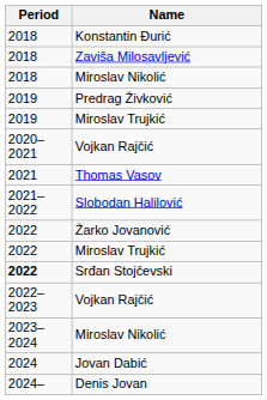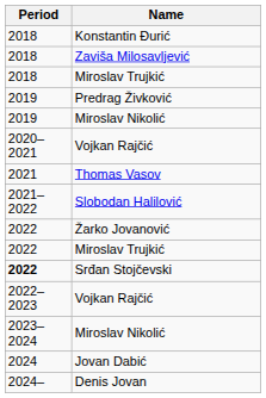 <table class="wikitable">
 <tr>
 <th width="75">Period</th>
 <th width="225">Name</th>
 </tr>
 <tr>
 <td>2018</td>
 <td> Konstantin Đurić</td>
 </tr>
 <tr>
 <td>2018</td>
 <td> <a href='#'>Zaviša Milosavljević</a></td>
 </tr>
 <tr>
 <td>2018</td>
-<td> Miroslav Nikolić</td>
+<td> Miroslav Trujkić</td>
 </tr>
 <tr>
 <td>2019</td>
 <td> Predrag Živković</td>
 </tr>
 <tr>
 <td>2019</td>
-<td> Miroslav Trujkić</td>
+<td> Miroslav Nikolić</td>
 </tr>
 <tr>
 <td>2020–2021</td>
 <td> Vojkan Rajčić</td>
 </tr>
 <tr>
 <td>2021</td>
 <td> <a href='#'>Thomas Vasov</a></td>
 </tr>
 <tr>
 <td>2021–2022</td>
 <td> <a href='#'>Slobodan Halilović</a></td>
 </tr>
 <tr>
 <td>2022</td>
 <td> Žarko Jovanović</td>
 </tr>
 <tr>
 <td>2022</td>
 <td> Miroslav Trujkić</td>
 </tr>
 <tr>
 <td><strong>2022</strong></td>
 <td> Srđan Stojčevski</td>
 </tr>
 <tr>
 <td>2022–2023</td>
 <td> Vojkan Rajčić</td>
 </tr>
 <tr>
 <td>2023–2024</td>
 <td> Miroslav Nikolić</td>
 </tr>
 <tr>
 <td>2024</td>
 <td> Jovan Dabić</td>
 </tr>
 <tr>
 <td>2024–</td>
 <td> Denis Jovan</td>
 </tr>
 </table>
